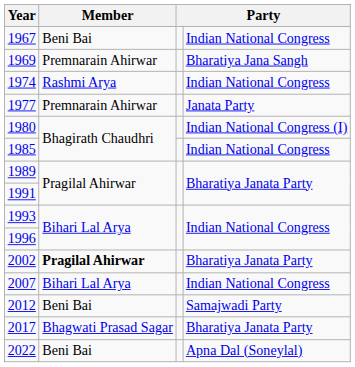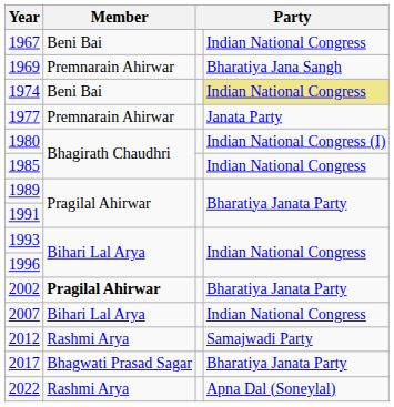 <table class="wikitable">
 <tr>
 <th>Year</th>
 <th>Member</th>
 <th colspan="2">Party</th>
 </tr>
 <tr>
 <td><a href='#'>1967</a></td>
 <td>Beni Bai</td>
 <td style="background-color: "></td>
 <td><a href='#'>Indian National Congress</a></td>
 </tr>
 <tr>
 <td><a href='#'>1969</a></td>
 <td>Premnarain Ahirwar</td>
 <td style="background-color: "></td>
 <td><a href='#'>Bharatiya Jana Sangh</a></td>
 </tr>
 <tr>
 <td><a href='#'>1974</a></td>
-<td><a href='#'>Rashmi Arya</a></td>
+<td>Beni Bai</td>
 <td style="background-color: "></td>
-<td><a href='#'>Indian National Congress</a></td>
+<td style="background: khaki;"><a href='#'>Indian National Congress</a></td>
 </tr>
 <tr>
 <td><a href='#'>1977</a></td>
 <td>Premnarain Ahirwar</td>
 <td style="background-color: "></td>
 <td><a href='#'>Janata Party</a></td>
 </tr>
 <tr>
 <td><a href='#'>1980</a></td>
 <td rowspan="2">Bhagirath Chaudhri</td>
 <td style="background-color: "></td>
 <td><a href='#'>Indian National Congress (I)</a></td>
 </tr>
 <tr>
 <td><a href='#'>1985</a></td>
 <td style="background-color: "></td>
 <td><a href='#'>Indian National Congress</a></td>
 </tr>
 <tr>
 <td><a href='#'>1989</a></td>
 <td rowspan="2">Pragilal Ahirwar</td>
 <td rowspan="2" style="background-color: "></td>
 <td rowspan="2"><a href='#'>Bharatiya Janata Party</a></td>
 </tr>
 <tr>
 <td><a href='#'>1991</a></td>
 </tr>
 <tr>
 <td><a href='#'>1993</a></td>
 <td rowspan="2"><a href='#'>Bihari Lal Arya</a></td>
 <td rowspan="2" style="background-color: "></td>
 <td rowspan="2"><a href='#'>Indian National Congress</a></td>
 </tr>
 <tr>
 <td><a href='#'>1996</a></td>
 </tr>
 <tr>
 <td><a href='#'>2002</a></td>
 <td><strong>Pragilal Ahirwar</strong></td>
 <td style="background-color: "></td>
 <td><a href='#'>Bharatiya Janata Party</a></td>
 </tr>
 <tr>
 <td><a href='#'>2007</a></td>
 <td><a href='#'>Bihari Lal Arya</a></td>
 <td style="background-color: "></td>
 <td><a href='#'>Indian National Congress</a></td>
 </tr>
 <tr>
 <td><a href='#'>2012</a></td>
-<td>Beni Bai</td>
+<td><a href='#'>Rashmi Arya</a></td>
 <td style="background-color: "></td>
 <td><a href='#'>Samajwadi Party</a></td>
 </tr>
 <tr>
 <td><a href='#'>2017</a></td>
 <td><a href='#'>Bhagwati Prasad Sagar</a></td>
 <td style="background-color: "></td>
 <td><a href='#'>Bharatiya Janata Party</a></td>
 </tr>
 <tr>
 <td><a href='#'>2022</a></td>
-<td>Beni Bai</td>
+<td><a href='#'>Rashmi Arya</a></td>
 <td style="background-color: "></td>
 <td><a href='#'>Apna Dal (Soneylal)</a></td>
 </tr>
 </table>
